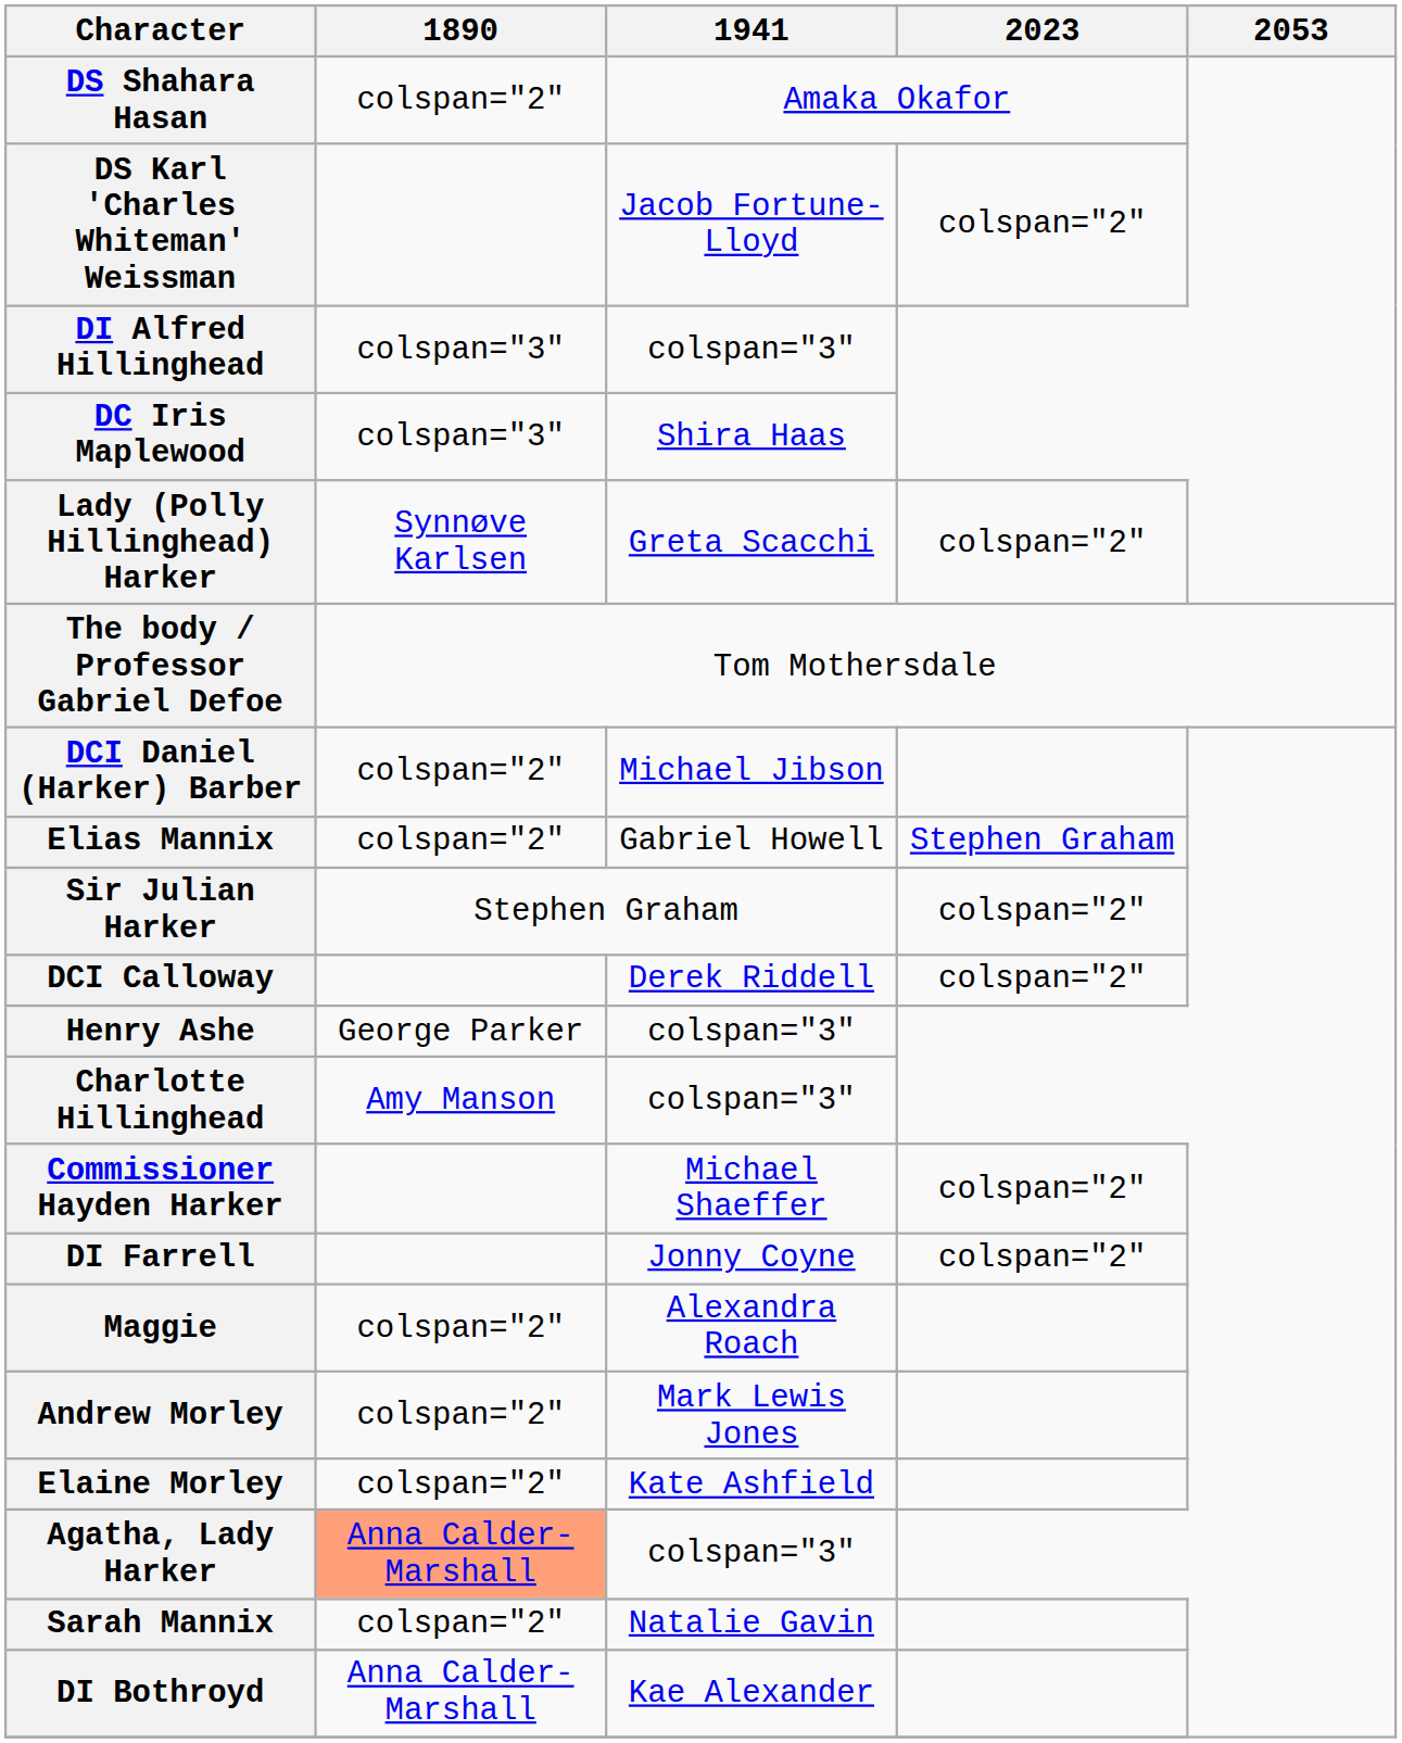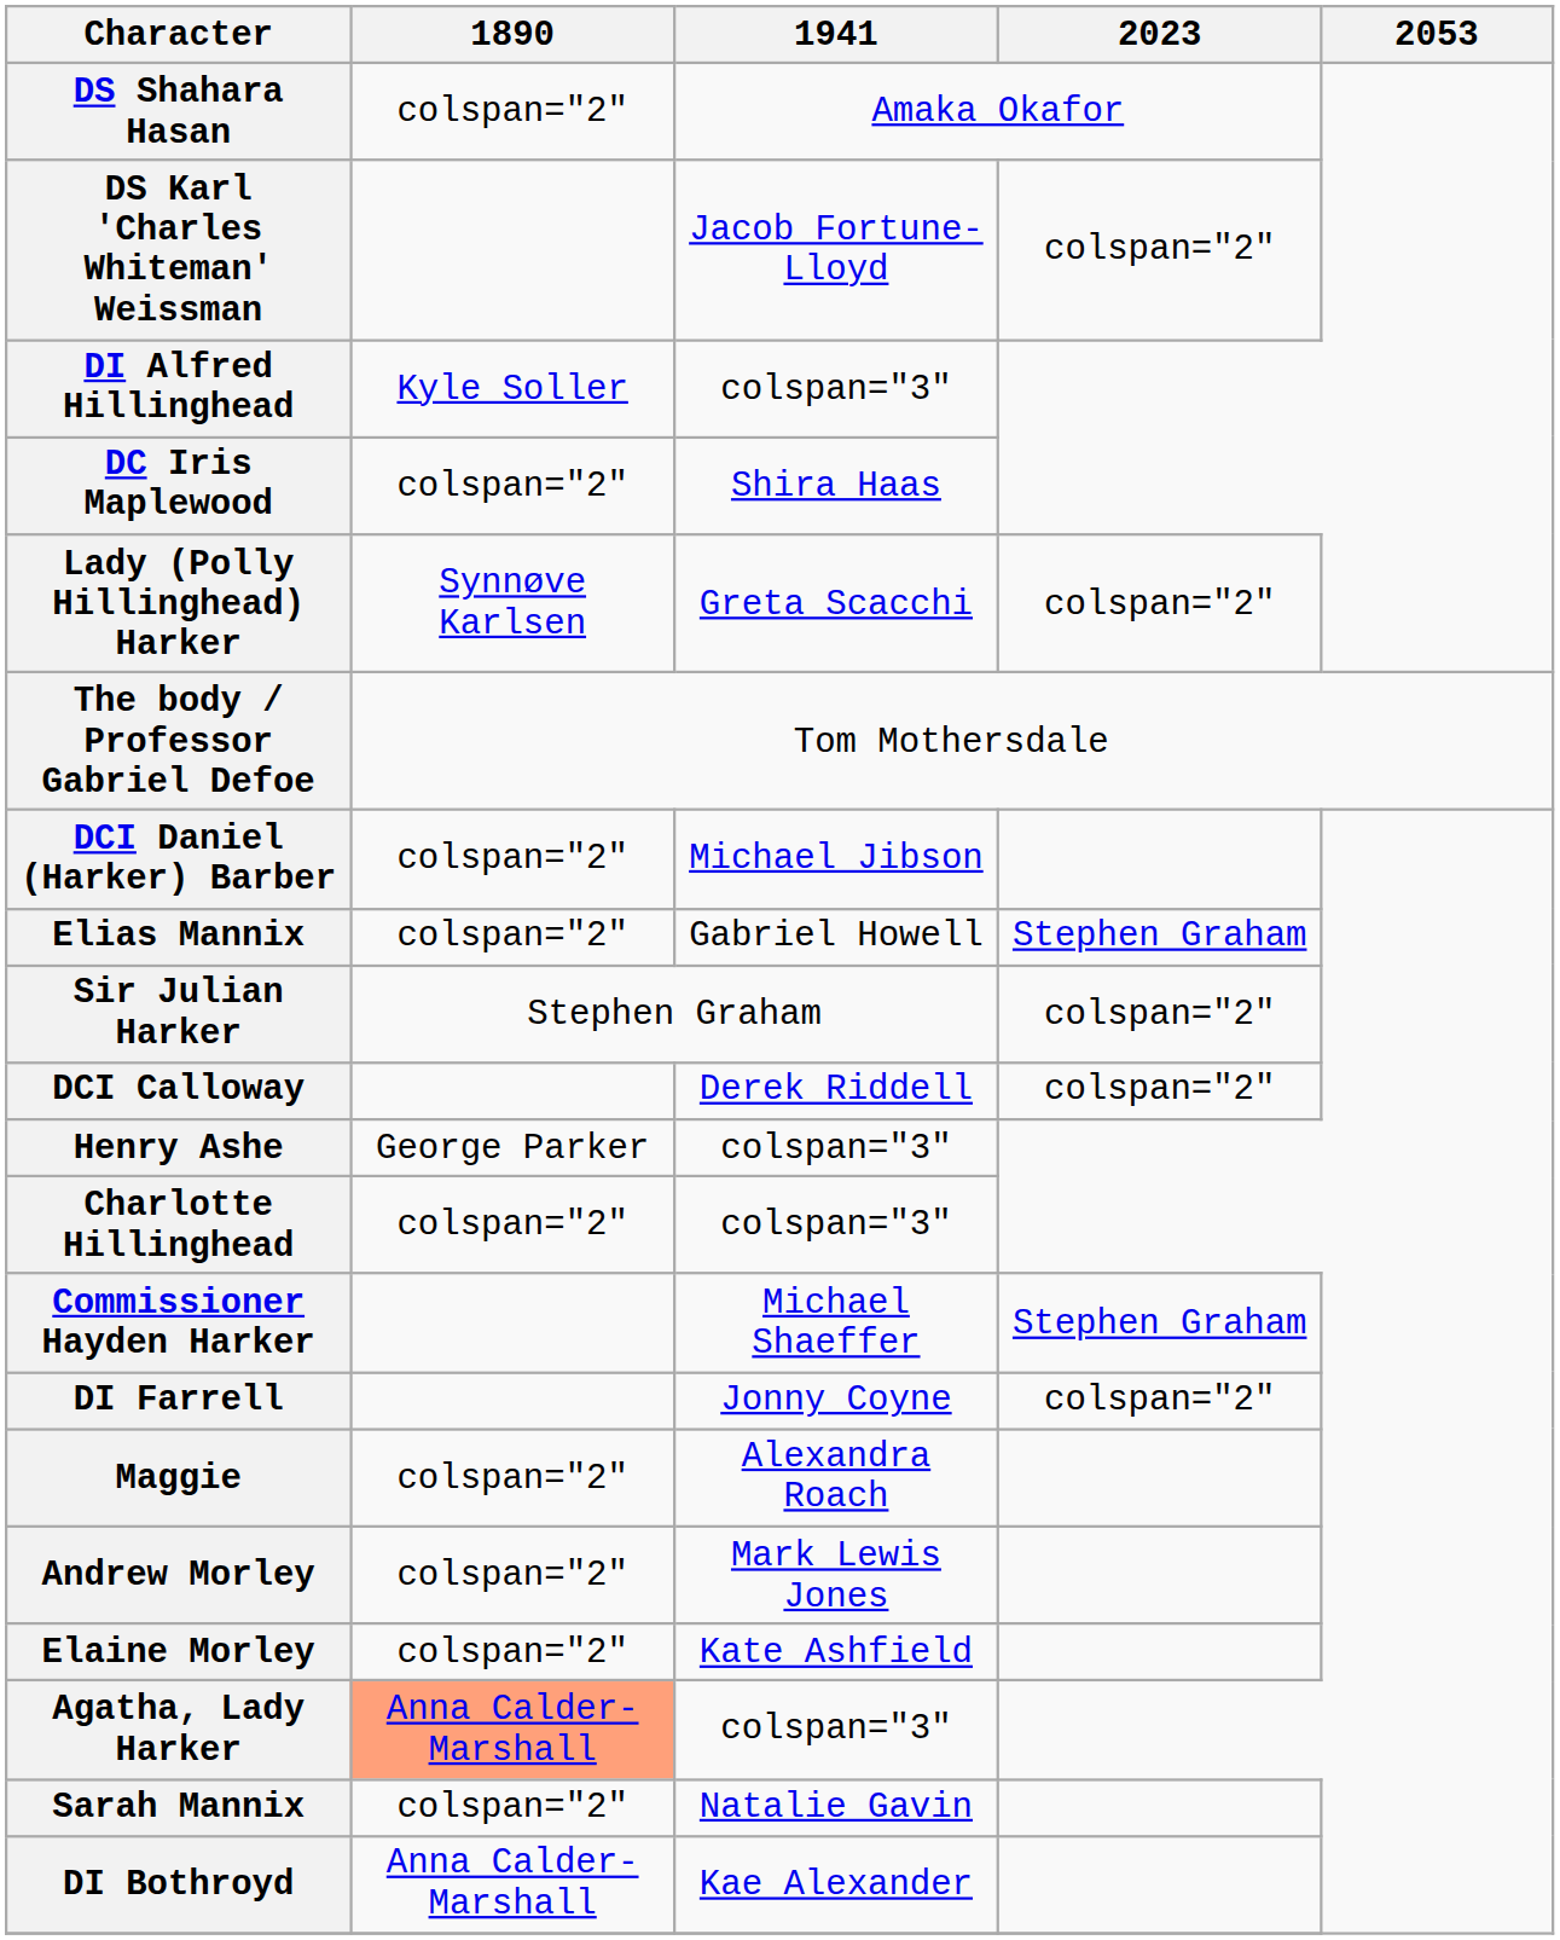 <table class="wikitable" width="65%" style="text-align:center;">
 <tr>
 <th align="center" width="10%">Character</th>
 <th align="center" width="10%">1890</th>
 <th align="center" width="10%">1941</th>
 <th align="center" width="10%">2023</th>
 <th align="center" width="10%">2053</th>
 </tr>
 <tr>
 <th scope="row"><a href='#'>DS</a> Shahara Hasan</th>
 <td>colspan="2" </td>
 <td colspan="2"><a href='#'>Amaka Okafor</a></td>
 </tr>
 <tr>
 <th scope="row">DS Karl 'Charles Whiteman' Weissman</th>
 <td></td>
 <td><a href='#'>Jacob Fortune-Lloyd</a></td>
 <td>colspan="2" </td>
 </tr>
 <tr>
 <th scope="row"><a href='#'>DI</a> Alfred Hillinghead</th>
-<td>colspan="3" </td>
+<td><a href='#'>Kyle Soller</a></td>
 <td>colspan="3" </td>
 </tr>
 <tr>
 <th scope="row"><a href='#'>DC</a> Iris Maplewood</th>
-<td>colspan="3" </td>
+<td>colspan="2" </td>
 <td><a href='#'>Shira Haas</a></td>
 </tr>
 <tr>
 <th scope="row">Lady (Polly Hillinghead) Harker</th>
 <td><a href='#'>Synnøve Karlsen</a></td>
 <td><a href='#'>Greta Scacchi</a></td>
 <td>colspan="2" </td>
 </tr>
 <tr>
 <th scope="row">The body / Professor Gabriel Defoe</th>
 <td colspan="4">Tom Mothersdale</td>
 </tr>
 <tr>
 <th scope="row"><a href='#'>DCI</a> Daniel (Harker) Barber</th>
 <td>colspan="2" </td>
 <td><a href='#'>Michael Jibson</a></td>
 <td></td>
 </tr>
 <tr>
 <th scope="row">Elias Mannix</th>
 <td>colspan="2" </td>
 <td>Gabriel Howell</td>
 <td><a href='#'>Stephen Graham</a></td>
 </tr>
 <tr>
 <th scope="row">Sir Julian Harker</th>
 <td colspan="2">Stephen Graham</td>
 <td>colspan="2" </td>
 </tr>
 <tr>
 <th scope="row">DCI Calloway</th>
 <td></td>
 <td><a href='#'>Derek Riddell</a></td>
 <td>colspan="2" </td>
 </tr>
 <tr>
 <th scope="row">Henry Ashe</th>
 <td>George Parker</td>
 <td>colspan="3" </td>
 </tr>
 <tr>
 <th scope="row">Charlotte Hillinghead</th>
-<td><a href='#'>Amy Manson</a></td>
+<td>colspan="2" </td>
 <td>colspan="3" </td>
 </tr>
 <tr>
 <th scope="row"><a href='#'>Commissioner</a> Hayden Harker</th>
 <td></td>
 <td><a href='#'>Michael Shaeffer</a></td>
-<td>colspan="2" </td>
+<td><a href='#'>Stephen Graham</a></td>
 </tr>
 <tr>
 <th scope="row">DI Farrell</th>
 <td></td>
 <td><a href='#'>Jonny Coyne</a></td>
 <td>colspan="2" </td>
 </tr>
 <tr>
 <th scope="row">Maggie</th>
 <td>colspan="2" </td>
 <td><a href='#'>Alexandra Roach</a></td>
 <td></td>
 </tr>
 <tr>
 <th scope="row">Andrew Morley</th>
 <td>colspan="2" </td>
 <td><a href='#'>Mark Lewis Jones</a></td>
 <td></td>
 </tr>
 <tr>
 <th scope="row">Elaine Morley</th>
 <td>colspan="2" </td>
 <td><a href='#'>Kate Ashfield</a></td>
 <td></td>
 </tr>
 <tr>
 <th scope="row">Agatha, Lady Harker</th>
 <td style="background: lightsalmon;"><a href='#'>Anna Calder-Marshall</a></td>
 <td>colspan="3" </td>
 </tr>
 <tr>
 <th scope="row">Sarah Mannix</th>
 <td>colspan="2" </td>
 <td><a href='#'>Natalie Gavin</a></td>
 <td></td>
 </tr>
 <tr>
 <th scope="row">DI Bothroyd</th>
 <td><a href='#'>Anna Calder-Marshall</a></td>
 <td><a href='#'>Kae Alexander</a></td>
 <td></td>
 </tr>
 <tr>
 </tr>
 </table>
